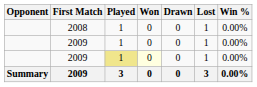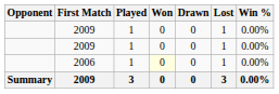 <table class="wikitable sortable" style="text-align:center;">
 <tr>
 <th>Opponent</th>
 <th>First Match</th>
 <th>Played</th>
 <th>Won</th>
 <th>Drawn</th>
 <th>Lost</th>
 <th>Win %</th>
 </tr>
 <tr>
 <td style="text-align: left;"></td>
-<td>2008</td>
+<td>2009</td>
 <td>1</td>
 <td>0</td>
 <td>0</td>
 <td>1</td>
 <td>0.00%</td>
 </tr>
 <tr>
 <td style="text-align: left;"></td>
 <td>2009</td>
 <td>1</td>
 <td>0</td>
 <td>0</td>
 <td>1</td>
 <td>0.00%</td>
 </tr>
 <tr>
 <td style="text-align: left;"></td>
-<td>2009</td>
-<td style="background: khaki;">1</td>
+<td>2006</td>
+<td>1</td>
 <td style="background: lightyellow;">0</td>
 <td>0</td>
 <td>1</td>
 <td>0.00%</td>
 </tr>
 <tr>
 <th>Summary</th>
 <th>2009</th>
 <th>3</th>
 <th>0</th>
 <th>0</th>
 <th>3</th>
 <th>0.00%</th>
 </tr>
 </table>
